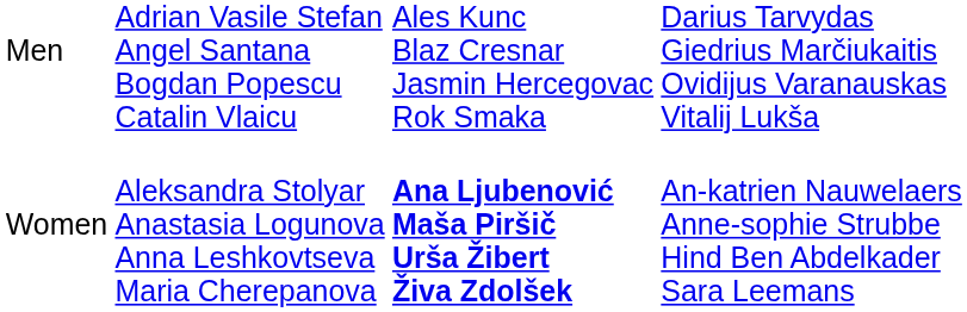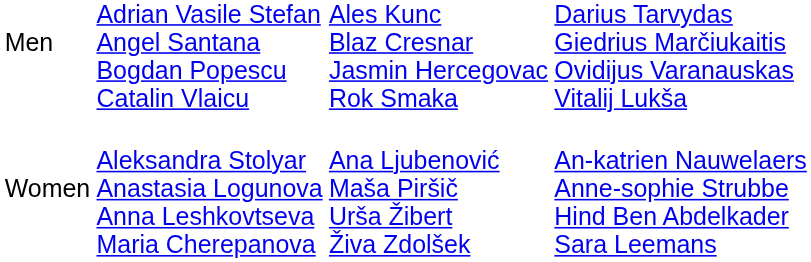 <table>
 <tr>
 <td>Men</td>
 <td><br><a href='#'>Adrian Vasile Stefan</a><br><a href='#'>Angel Santana</a><br><a href='#'>Bogdan Popescu</a><br><a href='#'>Catalin Vlaicu</a></td>
 <td><br><a href='#'>Ales Kunc</a><br><a href='#'>Blaz Cresnar</a><br><a href='#'>Jasmin Hercegovac</a><br><a href='#'>Rok Smaka</a></td>
 <td><br><a href='#'>Darius Tarvydas</a><br><a href='#'>Giedrius Marčiukaitis</a><br><a href='#'>Ovidijus Varanauskas</a><br><a href='#'>Vitalij Lukša</a></td>
 </tr>
 <tr>
 <td>Women</td>
 <td><br><a href='#'>Aleksandra Stolyar</a><br><a href='#'>Anastasia Logunova</a><br><a href='#'>Anna Leshkovtseva</a><br><a href='#'>Maria Cherepanova</a></td>
-<td><strong><br><a href='#'>Ana Ljubenović</a><br><a href='#'>Maša Piršič</a><br><a href='#'>Urša Žibert</a><br><a href='#'>Živa Zdolšek</a></strong></td>
+<td><br><a href='#'>Ana Ljubenović</a><br><a href='#'>Maša Piršič</a><br><a href='#'>Urša Žibert</a><br><a href='#'>Živa Zdolšek</a></td>
 <td><br><a href='#'>An-katrien Nauwelaers</a><br><a href='#'>Anne-sophie Strubbe</a><br><a href='#'>Hind Ben Abdelkader</a><br><a href='#'>Sara Leemans</a></td>
 </tr>
 </table>
